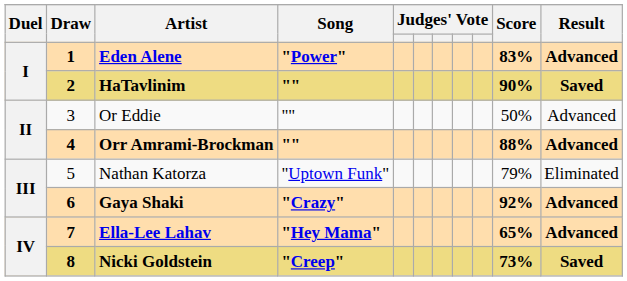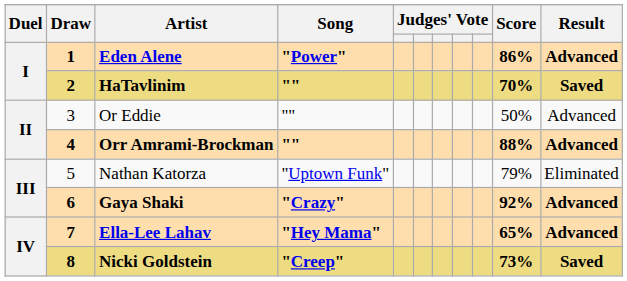 <table class="sortable wikitable" style="margin: 1em auto 1em auto; text-align:center; font-size:90%; line-height:18px;">
 <tr>
 </tr>
 <tr>
 <th rowspan="2" class="unsortable">Duel</th>
 <th rowspan="2">Draw</th>
 <th rowspan="2">Artist</th>
 <th rowspan="2">Song</th>
 <th colspan="5" class="unsortable">Judges' Vote</th>
 <th rowspan="2">Score</th>
 <th rowspan="2">Result</th>
 </tr>
 <tr>
 <th class="unsortable"></th>
 <th class="unsortable"></th>
 <th class="unsortable"></th>
 <th class="unsortable"></th>
 <th class="unsortable"></th>
 </tr>
 <tr style="font-weight:bold; background:navajowhite;">
 <th rowspan="2">I</th>
 <td>1</td>
 <td align="left"><a href='#'>Eden Alene</a></td>
 <td align="left">"<a href='#'>Power</a>"</td>
 <td></td>
 <td></td>
 <td></td>
 <td></td>
 <td></td>
-<td>83%</td>
+<td>86%</td>
 <td>Advanced</td>
 </tr>
 <tr style="font-weight:bold; background:#eedc82;">
 <td>2</td>
 <td align="left">HaTavlinim</td>
 <td align="left">""</td>
 <td></td>
 <td></td>
 <td></td>
 <td></td>
 <td></td>
-<td>90%</td>
+<td>70%</td>
 <td>Saved</td>
 </tr>
 <tr>
 <th rowspan="2">II</th>
 <td>3</td>
 <td align="left">Or Eddie</td>
 <td align="left">""</td>
 <td></td>
 <td></td>
 <td></td>
 <td></td>
 <td></td>
 <td>50%</td>
 <td>Advanced</td>
 </tr>
 <tr style="font-weight:bold; background:navajowhite;">
 <td>4</td>
 <td align="left">Orr Amrami-Brockman</td>
 <td align="left">""</td>
 <td></td>
 <td></td>
 <td></td>
 <td></td>
 <td></td>
 <td>88%</td>
 <td>Advanced</td>
 </tr>
 <tr>
 <th rowspan="2">III</th>
 <td>5</td>
 <td align="left">Nathan Katorza</td>
 <td align="left">"<a href='#'>Uptown Funk</a>"</td>
 <td></td>
 <td></td>
 <td></td>
 <td></td>
 <td></td>
 <td>79%</td>
 <td>Eliminated</td>
 </tr>
 <tr style="font-weight:bold; background:navajowhite;">
 <td>6</td>
 <td align="left">Gaya Shaki</td>
 <td align="left">"<a href='#'>Crazy</a>"</td>
 <td></td>
 <td></td>
 <td></td>
 <td></td>
 <td></td>
 <td>92%</td>
 <td>Advanced</td>
 </tr>
 <tr style="font-weight:bold; background:navajowhite;">
 <th rowspan="2">IV</th>
 <td>7</td>
 <td align="left"><a href='#'>Ella-Lee Lahav</a></td>
 <td align="left">"<a href='#'>Hey Mama</a>"</td>
 <td></td>
 <td></td>
 <td></td>
 <td></td>
 <td></td>
 <td>65%</td>
 <td>Advanced</td>
 </tr>
 <tr style="font-weight:bold; background:#eedc82;">
 <td>8</td>
 <td align="left">Nicki Goldstein</td>
 <td align="left">"<a href='#'>Creep</a>"</td>
 <td></td>
 <td></td>
 <td></td>
 <td></td>
 <td></td>
 <td>73%</td>
 <td>Saved</td>
 </tr>
 </table>
